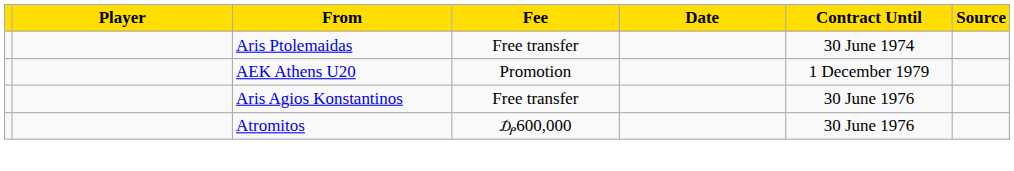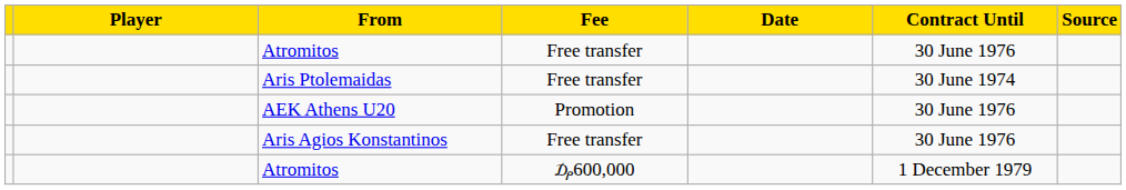 <table class="wikitable sortable">
 <tr>
 <th style="background:#FFDE00"></th>
 <th width=200 style="background:#FFDE00">Player</th>
 <th width=200 style="background:#FFDE00">From</th>
 <th width=150 style="background:#FFDE00">Fee</th>
 <th width=150 style="background:#FFDE00">Date</th>
 <th width=150 style="background:#FFDE00">Contract Until</th>
 <th style="background:#FFDE00">Source</th>
+</tr>
+<tr>
+<td align=center></td>
+<td></td>
+<td> <a href='#'>Atromitos</a></td>
+<td align=center>Free transfer</td>
+<td align=center></td>
+<td align=center>30 June 1976</td>
+<td align=center></td>
 </tr>
 <tr>
 <td align=center></td>
 <td></td>
 <td> <a href='#'>Aris Ptolemaidas</a></td>
 <td align=center>Free transfer</td>
 <td align=center></td>
 <td align=center>30 June 1974</td>
 <td align=center></td>
 </tr>
 <tr>
 <td align=center></td>
 <td></td>
 <td> <a href='#'>AEK Athens U20</a></td>
 <td align=center>Promotion</td>
 <td align=center></td>
-<td align=center>1 December 1979</td>
+<td align=center>30 June 1976</td>
 <td align=center></td>
 </tr>
 <tr>
 <td align=center></td>
 <td></td>
 <td> <a href='#'>Aris Agios Konstantinos</a></td>
 <td align=center>Free transfer</td>
 <td align=center></td>
 <td align=center>30 June 1976</td>
 <td align=center></td>
 </tr>
 <tr>
 <td align=center></td>
 <td></td>
 <td> <a href='#'>Atromitos</a></td>
 <td align=center>₯600,000</td>
 <td align=center></td>
-<td align=center>30 June 1976</td>
+<td align=center>1 December 1979</td>
 <td align=center></td>
 </tr>
 </table>
